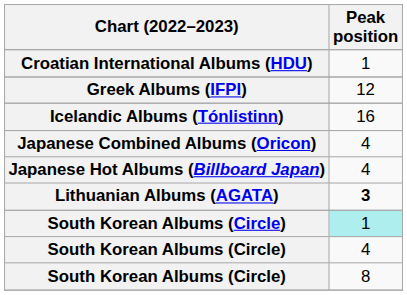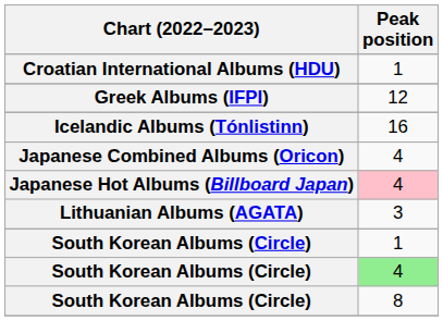 <table class="wikitable sortable plainrowheaders" style="text-align:center">
 <tr>
 <th scope="col">Chart (2022–2023)</th>
 <th scope="col">Peak<br>position</th>
 </tr>
 <tr>
 </tr>
 <tr>
 </tr>
 <tr>
 </tr>
 <tr>
 </tr>
 <tr>
 </tr>
 <tr>
 <th scope="row">Croatian International Albums (<a href='#'>HDU</a>)</th>
 <td>1</td>
 </tr>
 <tr>
 </tr>
 <tr>
 </tr>
 <tr>
 </tr>
 <tr>
 </tr>
 <tr>
 </tr>
 <tr>
 <th scope="row">Greek Albums (<a href='#'>IFPI</a>)</th>
 <td>12</td>
 </tr>
 <tr>
 </tr>
 <tr>
 <th scope="row">Icelandic Albums (<a href='#'>Tónlistinn</a>)</th>
 <td>16</td>
 </tr>
 <tr>
 </tr>
 <tr>
 </tr>
 <tr>
 </tr>
 <tr>
 <th scope="row">Japanese Combined Albums (<a href='#'>Oricon</a>)</th>
 <td>4</td>
 </tr>
 <tr>
 <th scope="row">Japanese Hot Albums (<em><a href='#'>Billboard Japan</a></em>)</th>
-<td>4</td>
+<td style="background: pink;">4</td>
 </tr>
 <tr>
 <th scope="row">Lithuanian Albums (<a href='#'>AGATA</a>)</th>
-<td><strong>3</strong></td>
+<td>3</td>
 </tr>
 <tr>
 </tr>
 <tr>
 </tr>
 <tr>
 </tr>
 <tr>
 </tr>
 <tr>
 </tr>
 <tr>
 <th scope="row">South Korean Albums (<a href='#'>Circle</a>)</th>
-<td style="background: paleturquoise;">1</td>
+<td>1</td>
 </tr>
 <tr>
 <th scope="row">South Korean Albums (Circle)<br></th>
-<td>4</td>
+<td style="background: lightgreen;">4</td>
 </tr>
 <tr>
 <th scope="row">South Korean Albums (Circle)<br></th>
 <td>8</td>
 </tr>
 <tr>
 </tr>
 <tr>
 </tr>
 <tr>
 </tr>
 <tr>
 </tr>
 <tr>
 </tr>
 </table>
